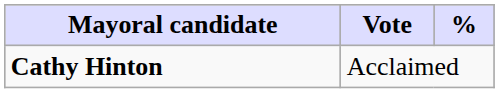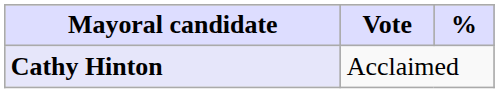 <table class="wikitable">
 <tr>
 <th style="background:#ddf; width:200px;">Mayoral candidate</th>
 <th style="background:#ddf; width:50px;">Vote</th>
 <th style="background:#ddf; width:30px;">%</th>
 </tr>
 <tr>
-<td><strong>Cathy Hinton</strong></td>
+<td style="background: lavender;"><strong>Cathy Hinton</strong></td>
 <td colspan="2">Acclaimed</td>
 </tr>
 </table>
